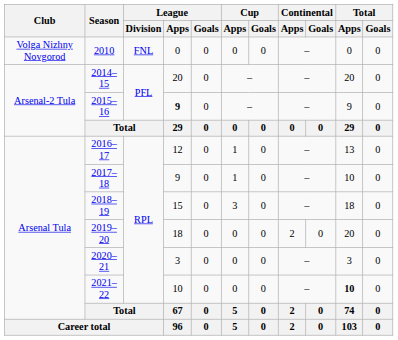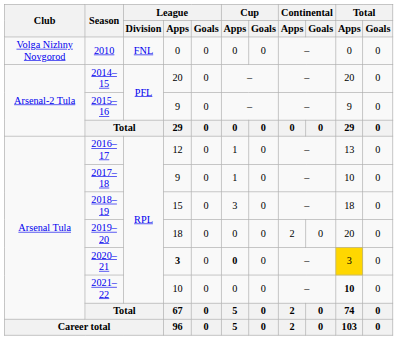 <table class="wikitable" style="text-align: center;">
 <tr>
 <th rowspan=2>Club</th>
 <th rowspan=2>Season</th>
 <th colspan=3>League</th>
 <th colspan=2>Cup</th>
 <th colspan=2>Continental</th>
 <th colspan=2>Total</th>
 </tr>
 <tr>
 <th>Division</th>
 <th>Apps</th>
 <th>Goals</th>
 <th>Apps</th>
 <th>Goals</th>
 <th>Apps</th>
 <th>Goals</th>
 <th>Apps</th>
 <th>Goals</th>
 </tr>
 <tr>
 <td><a href='#'>Volga Nizhny Novgorod</a></td>
 <td><a href='#'>2010</a></td>
 <td><a href='#'>FNL</a></td>
 <td>0</td>
 <td>0</td>
 <td>0</td>
 <td>0</td>
 <td colspan=2>–</td>
 <td>0</td>
 <td>0</td>
 </tr>
 <tr>
 <td rowspan="3"><a href='#'>Arsenal-2 Tula</a></td>
 <td><a href='#'>2014–15</a></td>
 <td rowspan="2"><a href='#'>PFL</a></td>
 <td>20</td>
 <td>0</td>
 <td colspan=2>–</td>
 <td colspan=2>–</td>
 <td>20</td>
 <td>0</td>
 </tr>
 <tr>
 <td><a href='#'>2015–16</a></td>
-<td><strong>9</strong></td>
+<td>9</td>
 <td>0</td>
 <td colspan=2>–</td>
 <td colspan=2>–</td>
 <td>9</td>
 <td>0</td>
 </tr>
 <tr>
 <th colspan=2>Total</th>
 <th>29</th>
 <th>0</th>
 <th>0</th>
 <th>0</th>
 <th>0</th>
 <th>0</th>
 <th>29</th>
 <th>0</th>
 </tr>
 <tr>
 <td rowspan="7"><a href='#'>Arsenal Tula</a></td>
 <td><a href='#'>2016–17</a></td>
 <td rowspan="6"><a href='#'>RPL</a></td>
 <td>12</td>
 <td>0</td>
 <td>1</td>
 <td>0</td>
 <td colspan=2>–</td>
 <td>13</td>
 <td>0</td>
 </tr>
 <tr>
 <td><a href='#'>2017–18</a></td>
 <td>9</td>
 <td>0</td>
 <td>1</td>
 <td>0</td>
 <td colspan=2>–</td>
 <td>10</td>
 <td>0</td>
 </tr>
 <tr>
 <td><a href='#'>2018–19</a></td>
 <td>15</td>
 <td>0</td>
 <td>3</td>
 <td>0</td>
 <td colspan=2>–</td>
 <td>18</td>
 <td>0</td>
 </tr>
 <tr>
 <td><a href='#'>2019–20</a></td>
 <td>18</td>
 <td>0</td>
 <td>0</td>
 <td>0</td>
 <td>2</td>
 <td>0</td>
 <td>20</td>
 <td>0</td>
 </tr>
 <tr>
 <td><a href='#'>2020–21</a></td>
-<td>3</td>
+<td><strong>3</strong></td>
 <td>0</td>
-<td>0</td>
+<td><strong>0</strong></td>
 <td>0</td>
 <td colspan=2>–</td>
-<td>3</td>
+<td style="background: gold;">3</td>
 <td>0</td>
 </tr>
 <tr>
 <td><a href='#'>2021–22</a></td>
 <td>10</td>
 <td>0</td>
 <td>0</td>
 <td>0</td>
 <td colspan=2>–</td>
 <td><strong>10</strong></td>
 <td>0</td>
 </tr>
 <tr>
 <th colspan=2>Total</th>
 <th>67</th>
 <th>0</th>
 <th>5</th>
 <th>0</th>
 <th>2</th>
 <th>0</th>
 <th>74</th>
 <th>0</th>
 </tr>
 <tr>
 <th colspan=3>Career total</th>
 <th>96</th>
 <th>0</th>
 <th>5</th>
 <th>0</th>
 <th>2</th>
 <th>0</th>
 <th>103</th>
 <th>0</th>
 </tr>
 </table>
